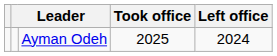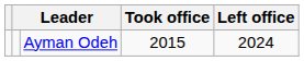 <table class="wikitable" style="text-align: center;">
 <tr>
 <th><br></th>
 <th colspan="2">Leader</th>
 <th>Took office</th>
 <th>Left office</th>
 </tr>
 <tr>
 <td style="background: "></td>
 <td></td>
 <td><a href='#'>Ayman Odeh</a></td>
-<td>2025</td>
+<td>2015</td>
 <td>2024</td>
 </tr>
 </table>
